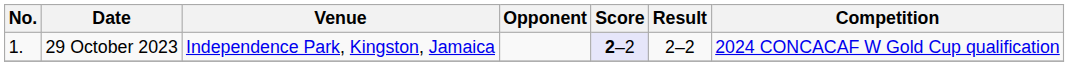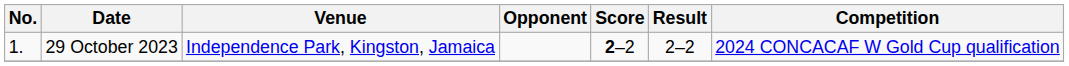 <table class="wikitable">
 <tr>
 <th>No.</th>
 <th>Date</th>
 <th>Venue</th>
 <th>Opponent</th>
 <th>Score</th>
 <th>Result</th>
 <th>Competition</th>
 </tr>
 <tr>
 <td>1.</td>
 <td>29 October 2023</td>
 <td><a href='#'>Independence Park</a>, <a href='#'>Kingston</a>, <a href='#'>Jamaica</a></td>
 <td></td>
-<td align=center style="background: lavender;"><strong>2</strong>–2</td>
+<td align=center><strong>2</strong>–2</td>
 <td align=center>2–2</td>
 <td><a href='#'>2024 CONCACAF W Gold Cup qualification</a></td>
 </tr>
 <tr>
 </tr>
 </table>
